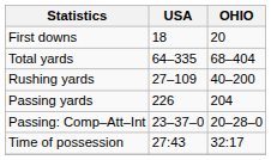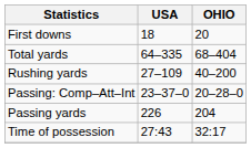 <table class="wikitable" style="float: left;">
 <tr>
 <th>Statistics</th>
 <th>USA</th>
 <th>OHIO</th>
 </tr>
 <tr>
 <td>First downs</td>
 <td>18</td>
 <td>20</td>
 </tr>
 <tr>
 <td>Total yards</td>
 <td>64–335</td>
 <td>68–404</td>
 </tr>
 <tr>
 <td>Rushing yards</td>
 <td>27–109</td>
 <td>40–200</td>
 </tr>
 <tr>
+<td>Passing: Comp–Att–Int</td>
+<td>23–37–0</td>
+<td>20–28–0</td>
+</tr>
+<tr>
 <td>Passing yards</td>
 <td>226</td>
 <td>204</td>
-</tr>
-<tr>
-<td>Passing: Comp–Att–Int</td>
-<td>23–37–0</td>
-<td>20–28–0</td>
 </tr>
 <tr>
 <td>Time of possession</td>
 <td>27:43</td>
 <td>32:17</td>
 </tr>
 <tr>
 </tr>
 </table>
